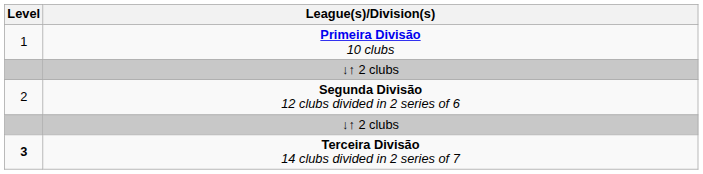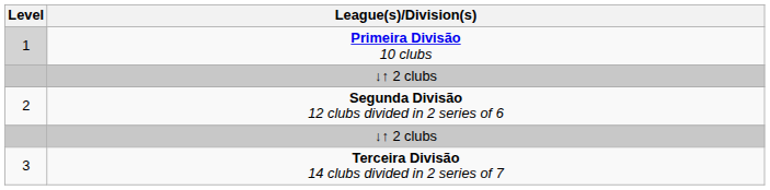 <table class="wikitable" style="text-align: center;">
 <tr>
 <th>Level</th>
 <th colspan="12">League(s)/Division(s)</th>
 </tr>
 <tr>
-<td>1</td>
+<td style="background: lightgrey;">1</td>
 <td colspan="12"><strong><a href='#'>Primeira Divisão</a></strong><br><em>10 clubs</em></td>
 </tr>
 <tr style="background:#c8c8c8">
 <td style="width:4%;"></td>
 <td colspan="9" style="width:96%;">↓↑ 2 clubs</td>
 </tr>
 <tr>
 <td>2</td>
 <td colspan="12"><strong>Segunda Divisão</strong><br><em>12 clubs divided in 2 series of 6</em></td>
 </tr>
 <tr style="background:#c8c8c8">
 <td style="width:4%;"></td>
 <td colspan="9" style="width:96%;">↓↑ 2 clubs</td>
 </tr>
 <tr>
-<td><strong>3</strong></td>
+<td>3</td>
 <td colspan="12"><strong>Terceira Divisão</strong><br><em>14 clubs divided in 2 series of 7</em></td>
 </tr>
 </table>
